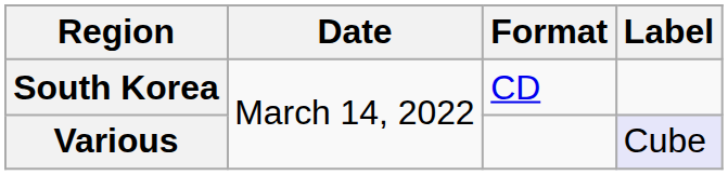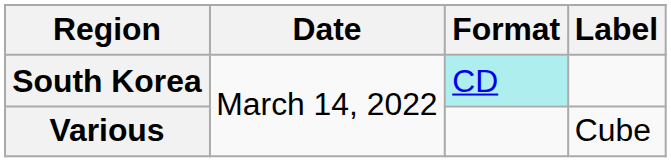 <table class="wikitable plainrowheaders">
 <tr>
 <th scope="col">Region</th>
 <th scope="col">Date</th>
 <th scope="col">Format</th>
 <th scope="col">Label</th>
 </tr>
 <tr>
 <th scope="row">South Korea</th>
 <td rowspan="2">March 14, 2022</td>
-<td><a href='#'>CD</a></td>
+<td style="background: paleturquoise;"><a href='#'>CD</a></td>
 <td></td>
 </tr>
 <tr>
 <th scope="row">Various </th>
 <td></td>
-<td style="background: lavender;">Cube</td>
+<td>Cube</td>
 </tr>
 </table>
